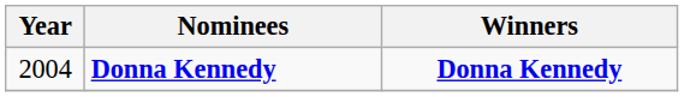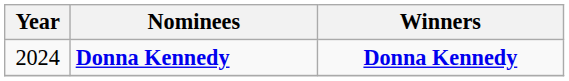 <table class="wikitable">
 <tr>
 <th width=40 align=center>Year</th>
 <th width=170>Nominees</th>
 <th width=170>Winners</th>
 </tr>
 <tr>
-<td align=center>2004</td>
+<td align=center>2024</td>
 <td><strong><a href='#'>Donna Kennedy</a></strong></td>
 <td align=center><strong><a href='#'>Donna Kennedy</a></strong></td>
 </tr>
 <tr>
 </tr>
 </table>
